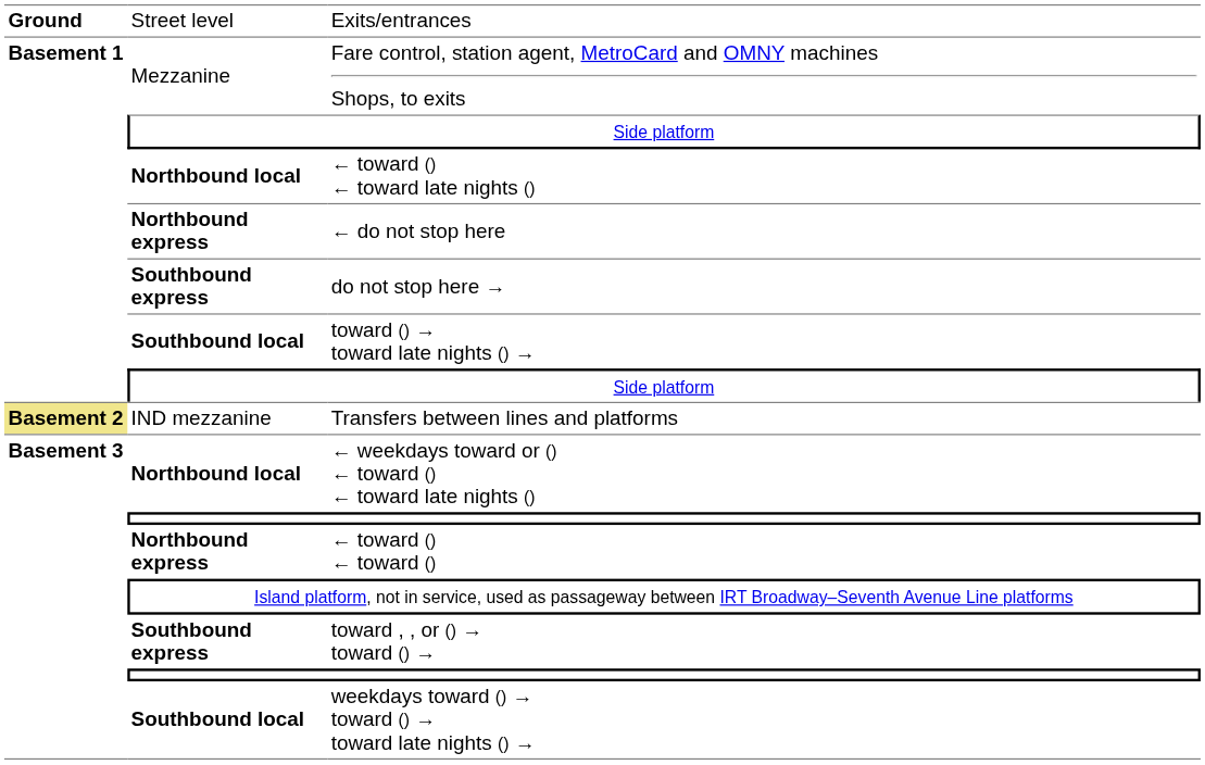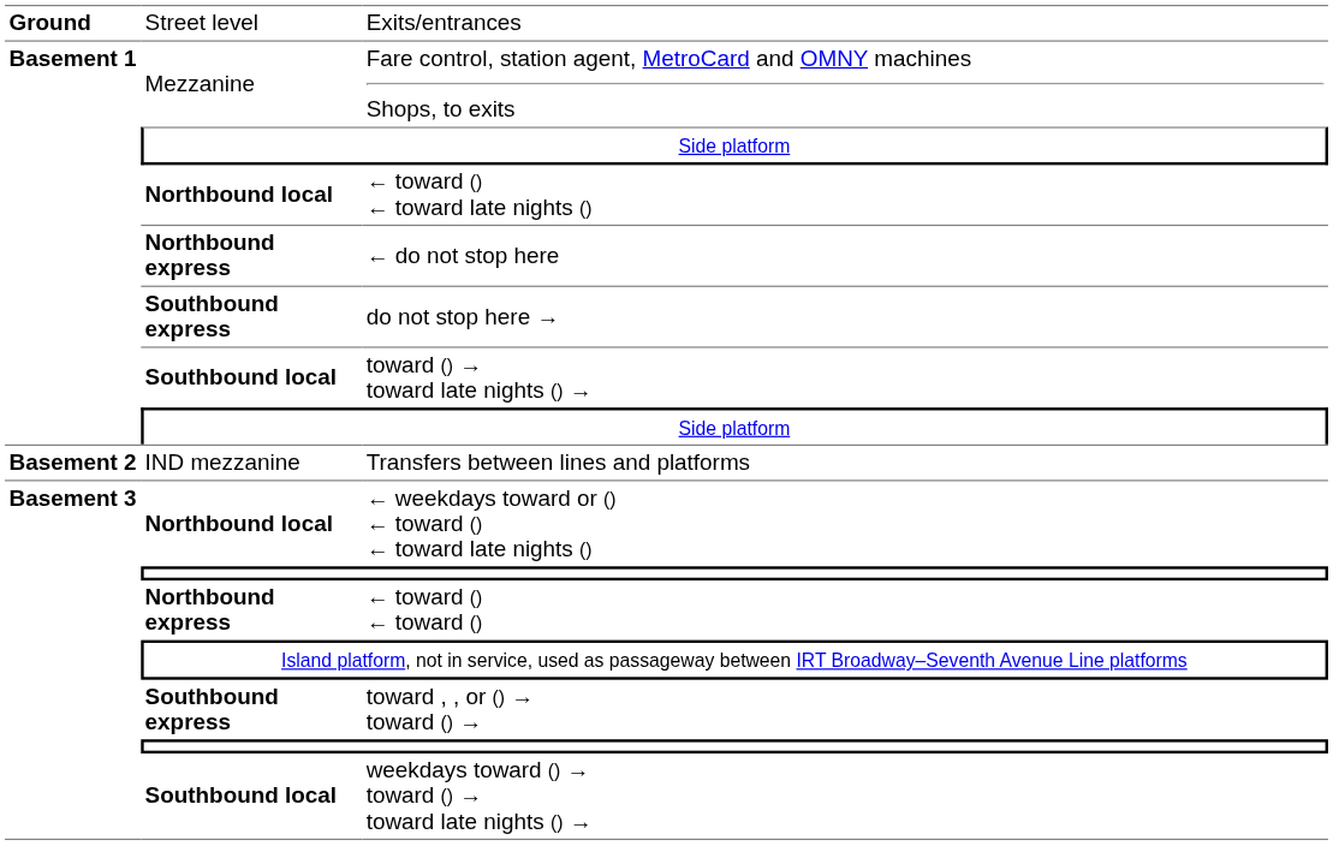 <table border="0" cellspacing="0" cellpadding="3">
 <tr>
 <td style="border-bottom:solid 1px gray;border-top:solid 1px gray;" width=75><strong>Ground</strong></td>
 <td style="border-top:solid 1px gray;border-bottom:solid 1px gray;" width=150>Street level</td>
 <td style="border-top:solid 1px gray;border-bottom:solid 1px gray;" width=675>Exits/entrances</td>
 </tr>
 <tr>
 <td style="vertical-align:top;" rowspan=7><strong>Basement 1</strong></td>
 <td>Mezzanine</td>
 <td>Fare control, station agent, <a href='#'>MetroCard</a> and <a href='#'>OMNY</a> machines<hr>Shops, to exits<br></td>
 </tr>
 <tr>
 <td style="border-top:solid 1px gray;border-right:solid 2px black;border-left:solid 2px black;border-bottom:solid 2px black;text-align:center;" colspan=2><small><a href='#'>Side platform</a> </small></td>
 </tr>
 <tr>
 <td><span><strong>Northbound local</strong></span></td>
 <td>←  toward  <small>()</small><br>←  toward  late nights <small>()</small></td>
 </tr>
 <tr>
 <td style="border-top:solid 1px gray;"><span><strong>Northbound express</strong></span></td>
 <td style="border-top:solid 1px gray;">←  do not stop here</td>
 </tr>
 <tr>
 <td style="border-top:solid 1px gray;"><span><strong>Southbound express</strong></span></td>
 <td style="border-top:solid 1px gray;">  do not stop here →</td>
 </tr>
 <tr>
 <td style="border-top:solid 1px gray;"><span><strong>Southbound local</strong></span></td>
 <td style="border-top:solid 1px gray;">  toward  <small>()</small> →<br>  toward  late nights <small>()</small> →</td>
 </tr>
 <tr>
 <td style="border-bottom:solid 0px gray;border-top:solid 2px black;border-right:solid 2px black;border-left:solid 2px black;text-align:center;" colspan=2><small><a href='#'>Side platform</a> </small></td>
 </tr>
 <tr>
-<td style="background: khaki; border-top:solid 1px gray;"><strong>Basement 2</strong></td>
+<td style="border-top:solid 1px gray;"><strong>Basement 2</strong></td>
 <td style="border-top:solid 1px gray;">IND mezzanine</td>
 <td style="border-top:solid 1px gray;">Transfers between lines and platforms</td>
 </tr>
 <tr>
 <td style="border-bottom:solid 1px gray;border-top:solid 1px gray;vertical-align:top;" rowspan=7><strong>Basement 3</strong></td>
 <td style="border-top:solid 1px gray;"><strong>Northbound local</strong></td>
 <td style="border-top:solid 1px gray;">←  weekdays toward  or  <small>()</small><br> ←  toward  <small>()</small><br>←  toward  late nights <small>()</small></td>
 </tr>
 <tr>
 <td style="border-top:solid 2px black;border-right:solid 2px black;border-left:solid 2px black;border-bottom:solid 2px black;text-align:center;" colspan="2"></td>
 </tr>
 <tr>
 <td><strong>Northbound express</strong></td>
 <td>←  toward  <small>()</small><br> ←  toward  <small>()</small></td>
 </tr>
 <tr>
 <td style="border-top:solid 2px black;border-right:solid 2px black;border-left:solid 2px black;border-bottom:solid 2px black;text-align:center;" colspan="2"><small><a href='#'>Island platform</a>, not in service, used as passageway between <a href='#'>IRT Broadway–Seventh Avenue Line platforms</a></small></td>
 </tr>
 <tr>
 <td><strong>Southbound express</strong></td>
 <td>  toward , , or  <small>()</small> →<br>  toward  <small>()</small> →</td>
 </tr>
 <tr>
 <td style="border-top:solid 2px black;border-right:solid 2px black;border-left:solid 2px black;border-bottom:solid 2px black;text-align:center;" colspan="2"></td>
 </tr>
 <tr>
 <td style="border-bottom:solid 1px gray;"><strong>Southbound local</strong></td>
 <td style="border-bottom:solid 1px gray;">  weekdays toward  <small>()</small> →<br>  toward  <small>()</small> →<br>  toward  late nights <small>()</small> →</td>
 </tr>
 </table>
